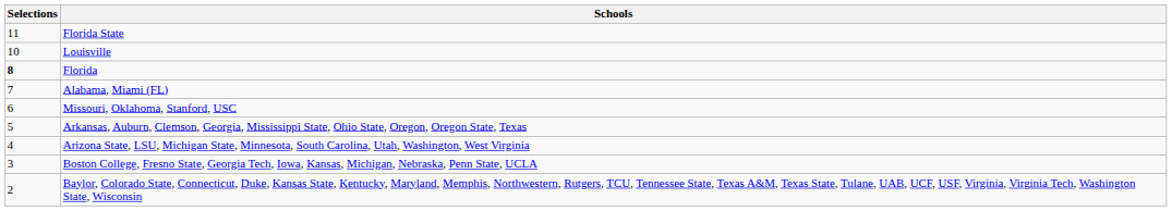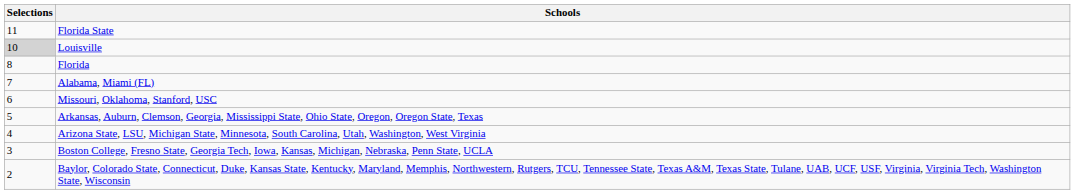 <table class="wikitable sortable" style="text-align:left">
 <tr>
 <th>Selections</th>
 <th class="unsortable">Schools</th>
 </tr>
 <tr>
 <td>11</td>
 <td><a href='#'>Florida State</a></td>
 </tr>
 <tr>
-<td>10</td>
+<td style="background: lightgrey;">10</td>
 <td><a href='#'>Louisville</a></td>
 </tr>
 <tr>
-<td><strong>8</strong></td>
+<td>8</td>
 <td><a href='#'>Florida</a></td>
 </tr>
 <tr>
 <td>7</td>
 <td><a href='#'>Alabama</a>, <a href='#'>Miami (FL)</a></td>
 </tr>
 <tr>
 <td>6</td>
 <td><a href='#'>Missouri</a>, <a href='#'>Oklahoma</a>, <a href='#'>Stanford</a>, <a href='#'>USC</a></td>
 </tr>
 <tr>
 <td>5</td>
 <td><a href='#'>Arkansas</a>, <a href='#'>Auburn</a>, <a href='#'>Clemson</a>, <a href='#'>Georgia</a>, <a href='#'>Mississippi State</a>, <a href='#'>Ohio State</a>, <a href='#'>Oregon</a>, <a href='#'>Oregon State</a>, <a href='#'>Texas</a></td>
 </tr>
 <tr>
 <td>4</td>
 <td><a href='#'>Arizona State</a>, <a href='#'>LSU</a>, <a href='#'>Michigan State</a>, <a href='#'>Minnesota</a>, <a href='#'>South Carolina</a>, <a href='#'>Utah</a>, <a href='#'>Washington</a>, <a href='#'>West Virginia</a></td>
 </tr>
 <tr>
 <td>3</td>
 <td><a href='#'>Boston College</a>, <a href='#'>Fresno State</a>, <a href='#'>Georgia Tech</a>, <a href='#'>Iowa</a>, <a href='#'>Kansas</a>, <a href='#'>Michigan</a>, <a href='#'>Nebraska</a>, <a href='#'>Penn State</a>, <a href='#'>UCLA</a></td>
 </tr>
 <tr>
 <td>2</td>
 <td><a href='#'>Baylor</a>, <a href='#'>Colorado State</a>, <a href='#'>Connecticut</a>, <a href='#'>Duke</a>, <a href='#'>Kansas State</a>, <a href='#'>Kentucky</a>, <a href='#'>Maryland</a>, <a href='#'>Memphis</a>, <a href='#'>Northwestern</a>, <a href='#'>Rutgers</a>, <a href='#'>TCU</a>, <a href='#'>Tennessee State</a>, <a href='#'>Texas A&M</a>, <a href='#'>Texas State</a>, <a href='#'>Tulane</a>, <a href='#'>UAB</a>, <a href='#'>UCF</a>, <a href='#'>USF</a>, <a href='#'>Virginia</a>, <a href='#'>Virginia Tech</a>, <a href='#'>Washington State</a>, <a href='#'>Wisconsin</a></td>
 </tr>
 </table>
